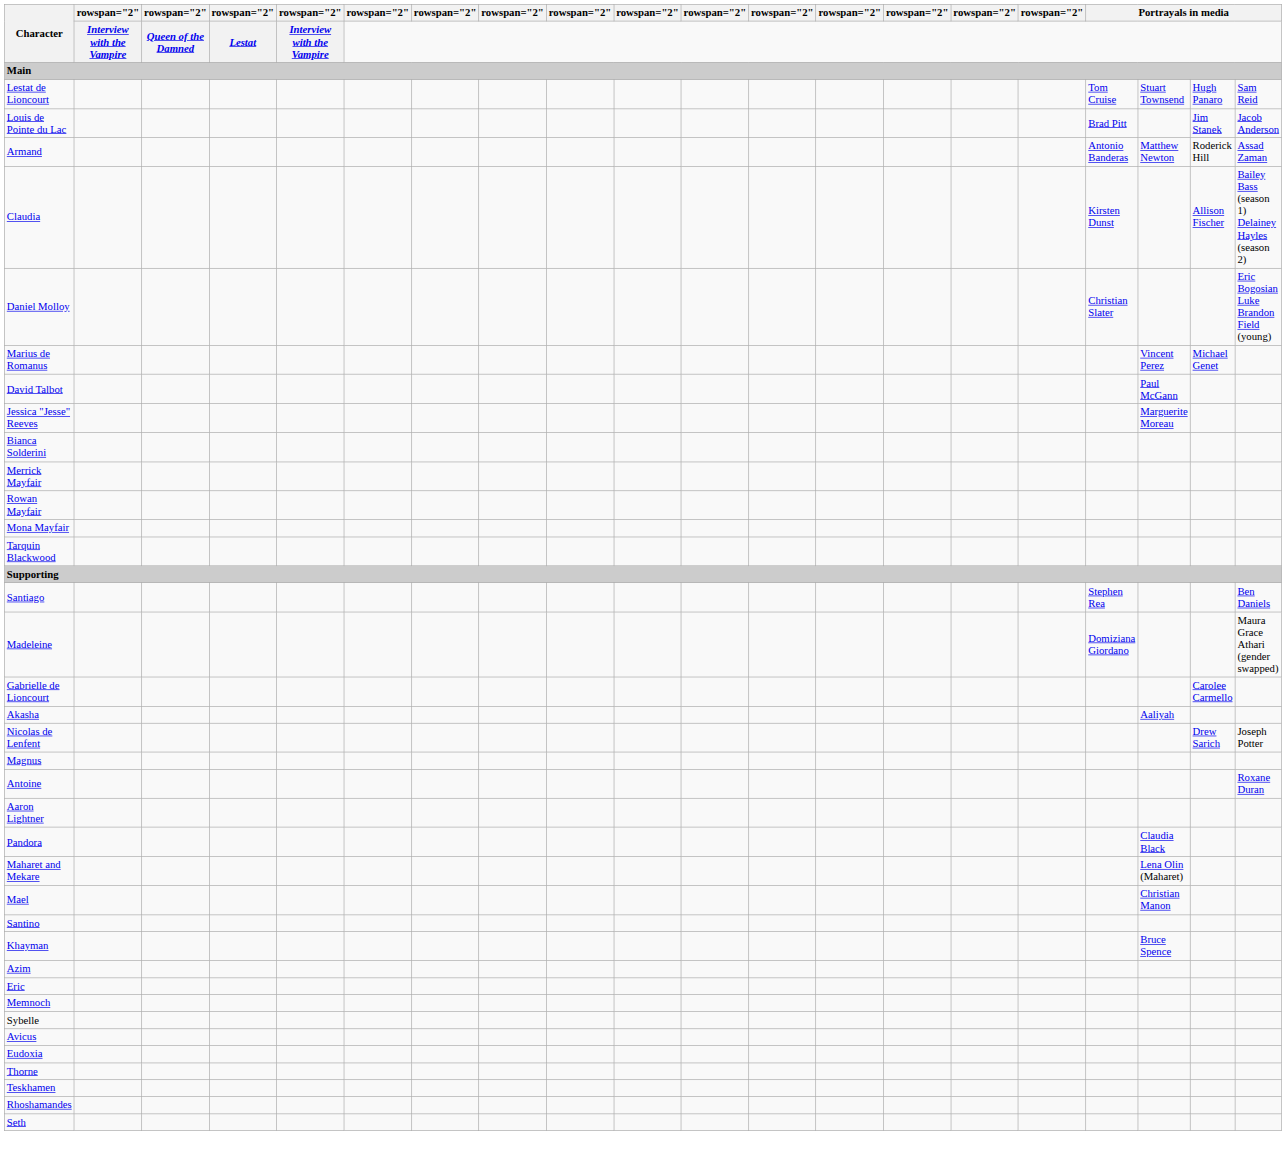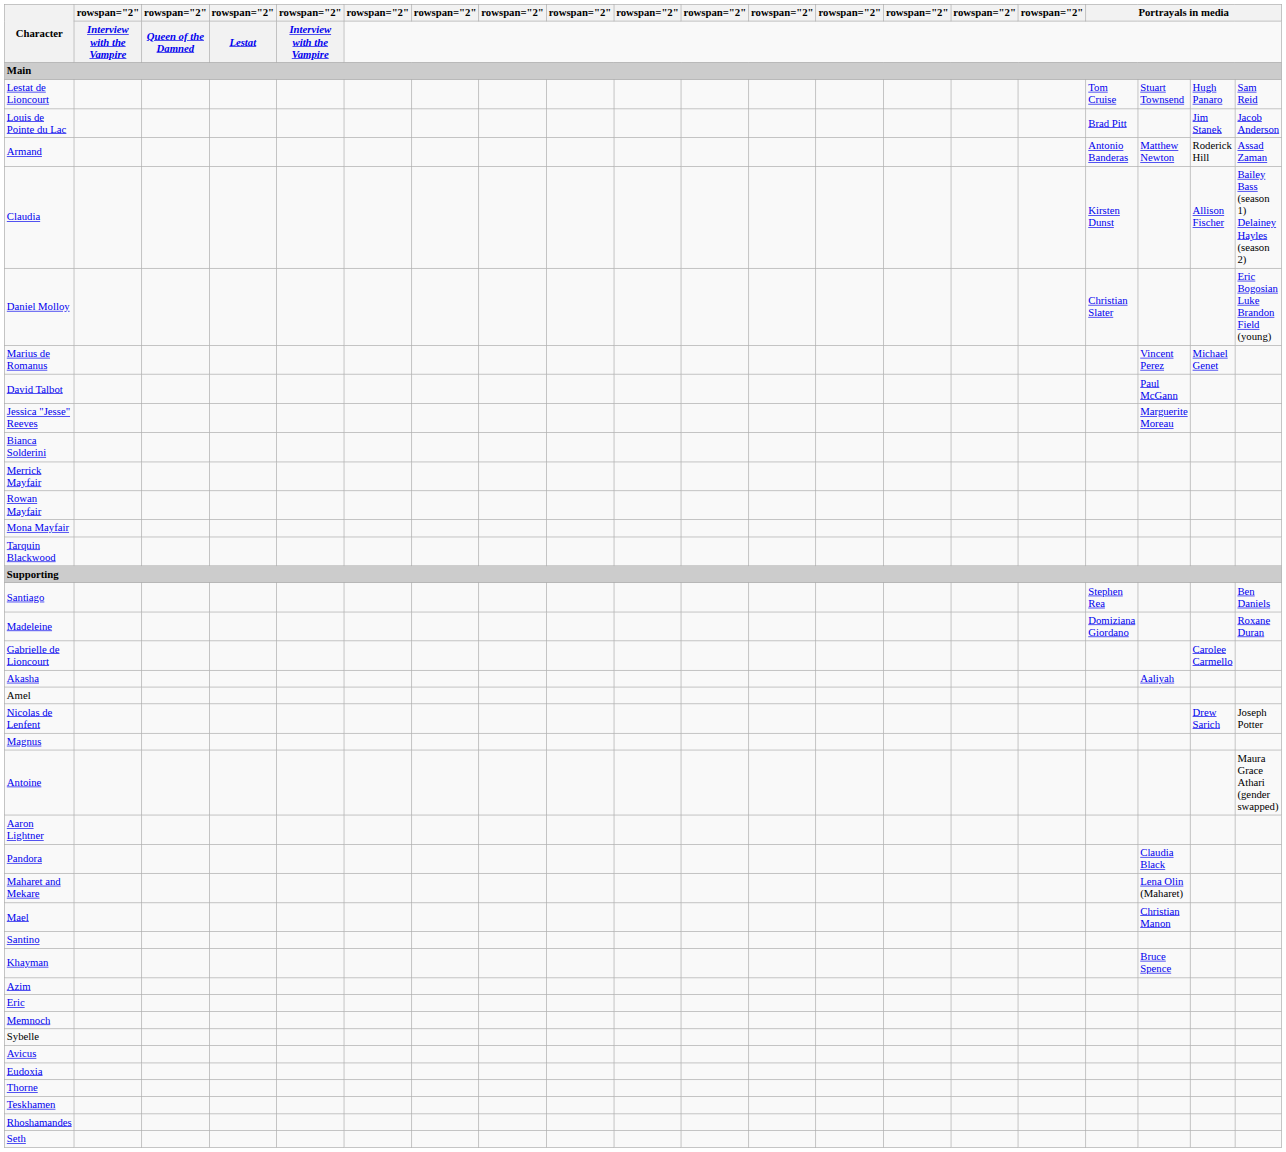 <table class="wikitable plainrowheaders" width="100%">
 <tr>
 <th rowspan="2" style="width:10%;">Character</th>
 <th>rowspan="2"  </th>
 <th>rowspan="2"  </th>
 <th>rowspan="2"  </th>
 <th>rowspan="2"  </th>
 <th>rowspan="2"  </th>
 <th>rowspan="2"  </th>
 <th>rowspan="2"  </th>
 <th>rowspan="2"  </th>
 <th>rowspan="2"  </th>
 <th>rowspan="2"  </th>
 <th>rowspan="2"  </th>
 <th>rowspan="2"  </th>
 <th>rowspan="2"  </th>
 <th>rowspan="2"  </th>
 <th>rowspan="2"  </th>
 <th colspan="4">Portrayals in media</th>
 </tr>
 <tr>
 <th style="width:10%;"><em><a href='#'>Interview with the Vampire</a></em> <br> </th>
 <th style="width:10%;"><em><a href='#'>Queen of the Damned</a></em> <br> </th>
 <th style="width:10%;"><em><a href='#'>Lestat</a></em>  <br> </th>
 <th style="width:10%;"><em><a href='#'>Interview with the Vampire</a></em> <br> </th>
 </tr>
 <tr>
 <th colspan="20" style="background-color:#cccccc; text-align:left; ">Main</th>
 </tr>
 <tr>
 <td><a href='#'>Lestat de Lioncourt</a></td>
 <td></td>
 <td></td>
 <td></td>
 <td></td>
 <td></td>
 <td></td>
 <td></td>
 <td></td>
 <td></td>
 <td></td>
 <td></td>
 <td></td>
 <td></td>
 <td></td>
 <td></td>
 <td><a href='#'>Tom Cruise</a></td>
 <td><a href='#'>Stuart Townsend</a></td>
 <td><a href='#'>Hugh Panaro</a></td>
 <td><a href='#'>Sam Reid</a></td>
 </tr>
 <tr>
 <td><a href='#'>Louis de Pointe du Lac</a></td>
 <td></td>
 <td></td>
 <td></td>
 <td></td>
 <td></td>
 <td></td>
 <td></td>
 <td></td>
 <td></td>
 <td></td>
 <td></td>
 <td></td>
 <td></td>
 <td></td>
 <td></td>
 <td><a href='#'>Brad Pitt</a></td>
 <td> </td>
 <td><a href='#'>Jim Stanek</a></td>
 <td><a href='#'>Jacob Anderson</a></td>
 </tr>
 <tr>
 <td><a href='#'>Armand</a></td>
 <td></td>
 <td></td>
 <td></td>
 <td></td>
 <td></td>
 <td></td>
 <td></td>
 <td></td>
 <td></td>
 <td></td>
 <td></td>
 <td></td>
 <td></td>
 <td></td>
 <td></td>
 <td><a href='#'>Antonio Banderas</a></td>
 <td><a href='#'>Matthew Newton</a></td>
 <td>Roderick Hill</td>
 <td><a href='#'>Assad Zaman</a></td>
 </tr>
 <tr>
 <td><a href='#'>Claudia</a></td>
 <td></td>
 <td></td>
 <td></td>
 <td></td>
 <td></td>
 <td></td>
 <td></td>
 <td></td>
 <td></td>
 <td></td>
 <td></td>
 <td></td>
 <td></td>
 <td></td>
 <td></td>
 <td><a href='#'>Kirsten Dunst</a></td>
 <td> </td>
 <td><a href='#'>Allison Fischer</a></td>
 <td><a href='#'>Bailey Bass</a> (season 1)<br><a href='#'>Delainey Hayles</a> (season 2)</td>
 </tr>
 <tr>
 <td><a href='#'>Daniel Molloy</a></td>
 <td></td>
 <td></td>
 <td></td>
 <td></td>
 <td></td>
 <td></td>
 <td></td>
 <td></td>
 <td></td>
 <td></td>
 <td></td>
 <td></td>
 <td></td>
 <td></td>
 <td></td>
 <td><a href='#'>Christian Slater</a></td>
 <td> </td>
 <td> </td>
 <td><a href='#'>Eric Bogosian</a><br><a href='#'>Luke Brandon Field</a> (young)</td>
 </tr>
 <tr>
 <td><a href='#'>Marius de Romanus</a></td>
 <td></td>
 <td></td>
 <td></td>
 <td></td>
 <td></td>
 <td></td>
 <td></td>
 <td></td>
 <td></td>
 <td></td>
 <td></td>
 <td></td>
 <td></td>
 <td></td>
 <td></td>
 <td> </td>
 <td><a href='#'>Vincent Perez</a></td>
 <td><a href='#'>Michael Genet</a></td>
 <td> </td>
 </tr>
 <tr>
 <td><a href='#'>David Talbot</a></td>
 <td></td>
 <td></td>
 <td></td>
 <td></td>
 <td></td>
 <td></td>
 <td></td>
 <td></td>
 <td></td>
 <td></td>
 <td></td>
 <td></td>
 <td></td>
 <td></td>
 <td></td>
 <td> </td>
 <td><a href='#'>Paul McGann</a></td>
 <td> </td>
 <td> </td>
 </tr>
 <tr>
 <td><a href='#'>Jessica "Jesse" Reeves</a></td>
 <td></td>
 <td></td>
 <td></td>
 <td></td>
 <td></td>
 <td></td>
 <td></td>
 <td></td>
 <td></td>
 <td></td>
 <td></td>
 <td></td>
 <td></td>
 <td></td>
 <td></td>
 <td> </td>
 <td><a href='#'>Marguerite Moreau</a></td>
 <td> </td>
 <td> </td>
 </tr>
 <tr>
 <td><a href='#'>Bianca Solderini</a></td>
 <td></td>
 <td></td>
 <td></td>
 <td></td>
 <td></td>
 <td></td>
 <td></td>
 <td></td>
 <td></td>
 <td></td>
 <td></td>
 <td></td>
 <td></td>
 <td></td>
 <td></td>
 <td> </td>
 <td> </td>
 <td> </td>
 <td> </td>
 </tr>
 <tr>
 <td><a href='#'>Merrick Mayfair</a></td>
 <td></td>
 <td></td>
 <td></td>
 <td></td>
 <td></td>
 <td></td>
 <td></td>
 <td></td>
 <td></td>
 <td></td>
 <td></td>
 <td></td>
 <td></td>
 <td></td>
 <td></td>
 <td> </td>
 <td> </td>
 <td> </td>
 <td> </td>
 </tr>
 <tr>
 <td><a href='#'>Rowan Mayfair</a></td>
 <td></td>
 <td></td>
 <td></td>
 <td></td>
 <td></td>
 <td></td>
 <td></td>
 <td></td>
 <td></td>
 <td></td>
 <td></td>
 <td></td>
 <td></td>
 <td></td>
 <td></td>
 <td> </td>
 <td> </td>
 <td> </td>
 <td> </td>
 </tr>
 <tr>
 <td><a href='#'>Mona Mayfair</a></td>
 <td></td>
 <td></td>
 <td></td>
 <td></td>
 <td></td>
 <td></td>
 <td></td>
 <td></td>
 <td></td>
 <td></td>
 <td></td>
 <td></td>
 <td></td>
 <td></td>
 <td></td>
 <td> </td>
 <td> </td>
 <td> </td>
 <td> </td>
 </tr>
 <tr>
 <td><a href='#'>Tarquin Blackwood</a></td>
 <td></td>
 <td></td>
 <td></td>
 <td></td>
 <td></td>
 <td></td>
 <td></td>
 <td></td>
 <td></td>
 <td></td>
 <td></td>
 <td></td>
 <td></td>
 <td></td>
 <td></td>
 <td> </td>
 <td> </td>
 <td> </td>
 <td> </td>
 </tr>
 <tr>
 <th colspan="20" style="background-color:#cccccc; text-align:left; ">Supporting</th>
 </tr>
 <tr>
 <td><a href='#'>Santiago</a></td>
 <td></td>
 <td></td>
 <td></td>
 <td></td>
 <td></td>
 <td></td>
 <td></td>
 <td></td>
 <td></td>
 <td></td>
 <td></td>
 <td></td>
 <td></td>
 <td></td>
 <td></td>
 <td><a href='#'>Stephen Rea</a></td>
 <td> </td>
 <td> </td>
 <td><a href='#'>Ben Daniels</a></td>
 </tr>
 <tr>
 <td><a href='#'>Madeleine</a></td>
 <td></td>
 <td></td>
 <td></td>
 <td></td>
 <td></td>
 <td></td>
 <td></td>
 <td></td>
 <td></td>
 <td></td>
 <td></td>
 <td></td>
 <td></td>
 <td></td>
 <td></td>
 <td><a href='#'>Domiziana Giordano</a></td>
 <td> </td>
 <td> </td>
-<td>Maura Grace Athari (gender swapped)</td>
+<td><a href='#'>Roxane Duran</a></td>
 </tr>
 <tr>
 <td><a href='#'>Gabrielle de Lioncourt</a></td>
 <td></td>
 <td></td>
 <td></td>
 <td></td>
 <td></td>
 <td></td>
 <td></td>
 <td></td>
 <td></td>
 <td></td>
 <td></td>
 <td></td>
 <td></td>
 <td></td>
 <td></td>
 <td> </td>
 <td> </td>
 <td><a href='#'>Carolee Carmello</a></td>
 <td> </td>
 </tr>
 <tr>
 <td><a href='#'>Akasha</a></td>
 <td></td>
 <td></td>
 <td></td>
 <td></td>
 <td></td>
 <td></td>
 <td></td>
 <td></td>
 <td></td>
 <td></td>
 <td></td>
 <td></td>
 <td></td>
 <td></td>
 <td></td>
 <td> </td>
 <td><a href='#'>Aaliyah</a></td>
+<td> </td>
+<td> </td>
+</tr>
+<tr>
+<td>Amel</td>
+<td></td>
+<td></td>
+<td></td>
+<td></td>
+<td></td>
+<td></td>
+<td></td>
+<td></td>
+<td></td>
+<td></td>
+<td></td>
+<td></td>
+<td></td>
+<td></td>
+<td></td>
+<td> </td>
+<td> </td>
 <td> </td>
 <td> </td>
 </tr>
 <tr>
 <td><a href='#'>Nicolas de Lenfent</a></td>
 <td></td>
 <td></td>
 <td></td>
 <td></td>
 <td></td>
 <td></td>
 <td></td>
 <td></td>
 <td></td>
 <td></td>
 <td></td>
 <td></td>
 <td></td>
 <td></td>
 <td></td>
 <td> </td>
 <td> </td>
 <td><a href='#'>Drew Sarich</a></td>
 <td>Joseph Potter</td>
 </tr>
 <tr>
 <td><a href='#'>Magnus</a></td>
 <td></td>
 <td></td>
 <td></td>
 <td></td>
 <td></td>
 <td></td>
 <td></td>
 <td></td>
 <td></td>
 <td></td>
 <td></td>
 <td></td>
 <td></td>
 <td></td>
 <td></td>
 <td> </td>
 <td> </td>
 <td> </td>
 <td> </td>
 </tr>
 <tr>
 <td><a href='#'>Antoine</a></td>
 <td></td>
 <td></td>
 <td></td>
 <td></td>
 <td></td>
 <td></td>
 <td></td>
 <td></td>
 <td></td>
 <td></td>
 <td></td>
 <td></td>
 <td></td>
 <td></td>
 <td></td>
 <td> </td>
 <td> </td>
 <td> </td>
-<td><a href='#'>Roxane Duran</a></td>
+<td>Maura Grace Athari (gender swapped)</td>
 </tr>
 <tr>
 <td><a href='#'>Aaron Lightner</a></td>
 <td></td>
 <td></td>
 <td></td>
 <td></td>
 <td></td>
 <td></td>
 <td></td>
 <td></td>
 <td></td>
 <td></td>
 <td></td>
 <td></td>
 <td></td>
 <td></td>
 <td></td>
 <td> </td>
 <td> </td>
 <td> </td>
 <td> </td>
 </tr>
 <tr>
 <td><a href='#'>Pandora</a></td>
 <td></td>
 <td></td>
 <td></td>
 <td></td>
 <td></td>
 <td></td>
 <td></td>
 <td></td>
 <td></td>
 <td></td>
 <td></td>
 <td></td>
 <td></td>
 <td></td>
 <td></td>
 <td> </td>
 <td><a href='#'>Claudia Black</a></td>
 <td> </td>
 <td> </td>
 </tr>
 <tr>
 <td><a href='#'>Maharet and Mekare</a></td>
 <td></td>
 <td></td>
 <td></td>
 <td></td>
 <td></td>
 <td></td>
 <td></td>
 <td></td>
 <td></td>
 <td></td>
 <td></td>
 <td></td>
 <td></td>
 <td></td>
 <td></td>
 <td> </td>
 <td><a href='#'>Lena Olin</a> (Maharet)</td>
 <td> </td>
 <td> </td>
 </tr>
 <tr>
 <td><a href='#'>Mael</a></td>
 <td></td>
 <td></td>
 <td></td>
 <td></td>
 <td></td>
 <td></td>
 <td></td>
 <td></td>
 <td></td>
 <td></td>
 <td></td>
 <td></td>
 <td></td>
 <td></td>
 <td></td>
 <td> </td>
 <td><a href='#'>Christian Manon</a></td>
 <td> </td>
 <td> </td>
 </tr>
 <tr>
 <td><a href='#'>Santino</a></td>
 <td></td>
 <td></td>
 <td></td>
 <td></td>
 <td></td>
 <td></td>
 <td></td>
 <td></td>
 <td></td>
 <td></td>
 <td></td>
 <td></td>
 <td></td>
 <td></td>
 <td></td>
 <td> </td>
 <td> </td>
 <td> </td>
 <td> </td>
 </tr>
 <tr>
 <td><a href='#'>Khayman</a></td>
 <td></td>
 <td></td>
 <td></td>
 <td></td>
 <td></td>
 <td></td>
 <td></td>
 <td></td>
 <td></td>
 <td></td>
 <td></td>
 <td></td>
 <td></td>
 <td></td>
 <td></td>
 <td> </td>
 <td><a href='#'>Bruce Spence</a></td>
 <td> </td>
 <td> </td>
 </tr>
 <tr>
 <td><a href='#'>Azim</a></td>
 <td></td>
 <td></td>
 <td></td>
 <td></td>
 <td></td>
 <td></td>
 <td></td>
 <td></td>
 <td></td>
 <td></td>
 <td></td>
 <td></td>
 <td></td>
 <td></td>
 <td></td>
 <td> </td>
 <td> </td>
 <td> </td>
 <td> </td>
 </tr>
 <tr>
 <td><a href='#'>Eric</a></td>
 <td></td>
 <td></td>
 <td></td>
 <td></td>
 <td></td>
 <td></td>
 <td></td>
 <td></td>
 <td></td>
 <td></td>
 <td></td>
 <td></td>
 <td></td>
 <td></td>
 <td></td>
 <td> </td>
 <td> </td>
 <td> </td>
 <td> </td>
 </tr>
 <tr>
 <td><a href='#'>Memnoch</a></td>
 <td></td>
 <td></td>
 <td></td>
 <td></td>
 <td></td>
 <td></td>
 <td></td>
 <td></td>
 <td></td>
 <td></td>
 <td></td>
 <td></td>
 <td></td>
 <td></td>
 <td></td>
 <td> </td>
 <td> </td>
 <td> </td>
 </tr>
 <tr>
 <td>Sybelle</td>
 <td></td>
 <td></td>
 <td></td>
 <td></td>
 <td></td>
 <td></td>
 <td></td>
 <td></td>
 <td></td>
 <td></td>
 <td></td>
 <td></td>
 <td></td>
 <td></td>
 <td></td>
 <td> </td>
 <td> </td>
 <td> </td>
 <td> </td>
 </tr>
 <tr>
 <td><a href='#'>Avicus</a></td>
 <td></td>
 <td></td>
 <td></td>
 <td></td>
 <td></td>
 <td></td>
 <td></td>
 <td></td>
 <td></td>
 <td></td>
 <td></td>
 <td></td>
 <td></td>
 <td></td>
 <td></td>
 <td> </td>
 <td> </td>
 <td> </td>
 <td> </td>
 </tr>
 <tr>
 <td><a href='#'>Eudoxia</a></td>
 <td></td>
 <td></td>
 <td></td>
 <td></td>
 <td></td>
 <td></td>
 <td></td>
 <td></td>
 <td></td>
 <td></td>
 <td></td>
 <td></td>
 <td></td>
 <td></td>
 <td></td>
 <td> </td>
 <td> </td>
 <td> </td>
 <td> </td>
 </tr>
 <tr>
 <td><a href='#'>Thorne</a></td>
 <td></td>
 <td></td>
 <td></td>
 <td></td>
 <td></td>
 <td></td>
 <td></td>
 <td></td>
 <td></td>
 <td></td>
 <td></td>
 <td></td>
 <td></td>
 <td></td>
 <td></td>
 <td> </td>
 <td> </td>
 <td> </td>
 <td> </td>
 </tr>
 <tr>
 <td><a href='#'>Teskhamen</a></td>
 <td></td>
 <td></td>
 <td></td>
 <td></td>
 <td></td>
 <td></td>
 <td></td>
 <td></td>
 <td></td>
 <td></td>
 <td></td>
 <td></td>
 <td></td>
 <td></td>
 <td></td>
 <td> </td>
 <td> </td>
 <td> </td>
 <td> </td>
 </tr>
 <tr>
 <td><a href='#'>Rhoshamandes</a></td>
 <td></td>
 <td></td>
 <td></td>
 <td></td>
 <td></td>
 <td></td>
 <td></td>
 <td></td>
 <td></td>
 <td></td>
 <td></td>
 <td></td>
 <td></td>
 <td></td>
 <td></td>
 <td> </td>
 <td> </td>
 <td> </td>
 <td> </td>
 </tr>
 <tr>
 <td><a href='#'>Seth</a></td>
 <td></td>
 <td></td>
 <td></td>
 <td></td>
 <td></td>
 <td></td>
 <td></td>
 <td></td>
 <td></td>
 <td></td>
 <td></td>
 <td></td>
 <td></td>
 <td></td>
 <td></td>
 <td> </td>
 <td> </td>
 <td> </td>
 <td> </td>
 </tr>
 </table>
